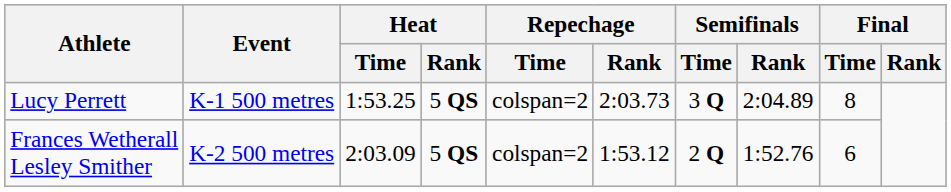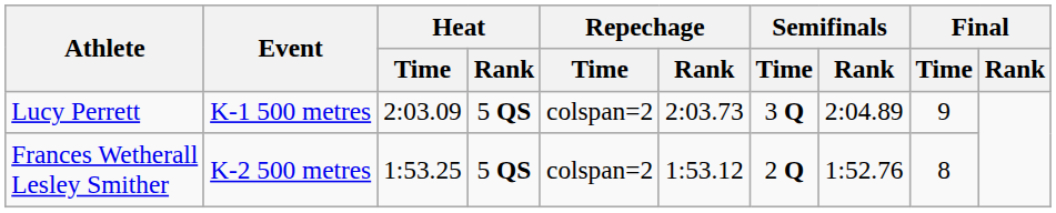 <table class="wikitable" style="font-size:90%;">
 <tr>
 <th rowspan=2>Athlete</th>
 <th rowspan=2>Event</th>
 <th colspan=2>Heat</th>
 <th colspan=2>Repechage</th>
 <th colspan=2>Semifinals</th>
 <th colspan=2>Final</th>
 </tr>
 <tr>
 <th>Time</th>
 <th>Rank</th>
 <th>Time</th>
 <th>Rank</th>
 <th>Time</th>
 <th>Rank</th>
 <th>Time</th>
 <th>Rank</th>
 </tr>
 <tr align=center>
 <td align=left><a href='#'>Lucy Perrett</a></td>
 <td align=left><a href='#'>K-1 500 metres</a></td>
-<td>1:53.25</td>
+<td>2:03.09</td>
 <td>5 <strong>QS</strong></td>
 <td>colspan=2</td>
 <td>2:03.73</td>
 <td>3 <strong>Q</strong></td>
 <td>2:04.89</td>
-<td>8</td>
+<td>9</td>
 </tr>
 <tr align=center>
 <td align=left><a href='#'>Frances Wetherall</a><br><a href='#'>Lesley Smither</a></td>
 <td align=left><a href='#'>K-2 500 metres</a></td>
-<td>2:03.09</td>
+<td>1:53.25</td>
 <td>5 <strong>QS</strong></td>
 <td>colspan=2</td>
 <td>1:53.12</td>
 <td>2 <strong>Q</strong></td>
 <td>1:52.76</td>
-<td>6</td>
+<td>8</td>
 </tr>
 </table>
